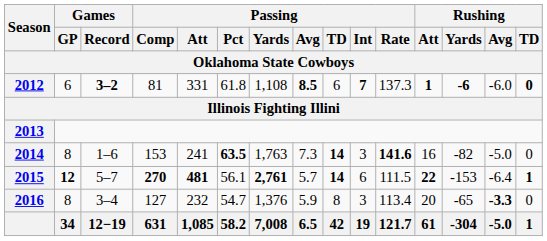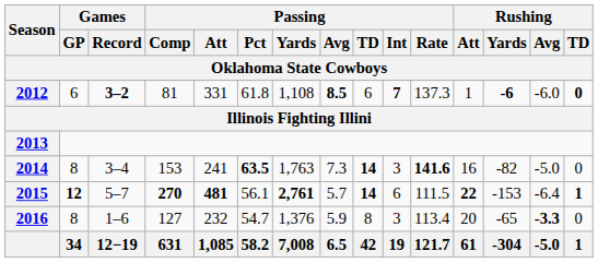 <table class="wikitable" style="text-align:center;">
 <tr>
 <th rowspan="2">Season</th>
 <th colspan="2">Games</th>
 <th colspan="8">Passing</th>
 <th colspan="4">Rushing</th>
 </tr>
 <tr>
 <th>GP</th>
 <th>Record</th>
 <th>Comp</th>
 <th>Att</th>
 <th>Pct</th>
 <th>Yards</th>
 <th>Avg</th>
 <th>TD</th>
 <th>Int</th>
 <th>Rate</th>
 <th>Att</th>
 <th>Yards</th>
 <th>Avg</th>
 <th>TD</th>
 </tr>
 <tr>
 <th colspan="16">Oklahoma State Cowboys</th>
 </tr>
 <tr>
 <th><a href='#'>2012</a></th>
 <td>6</td>
 <td><strong>3–2</strong></td>
 <td>81</td>
 <td>331</td>
 <td>61.8</td>
 <td>1,108</td>
 <td><strong>8.5</strong></td>
 <td>6</td>
 <td><strong>7</strong></td>
 <td>137.3</td>
-<td><strong>1</strong></td>
+<td>1</td>
 <td><strong>-6</strong></td>
 <td>-6.0</td>
 <td><strong>0</strong></td>
 </tr>
 <tr>
 <th colspan="16">Illinois Fighting Illini</th>
 </tr>
 <tr>
 <th><a href='#'>2013</a></th>
 <td colspan="14"></td>
 </tr>
 <tr>
 <th><a href='#'>2014</a></th>
 <td>8</td>
-<td>1–6</td>
+<td>3–4</td>
 <td>153</td>
 <td>241</td>
 <td><strong>63.5</strong></td>
 <td>1,763</td>
 <td>7.3</td>
 <td><strong>14</strong></td>
 <td>3</td>
 <td><strong>141.6</strong></td>
 <td>16</td>
 <td>-82</td>
 <td>-5.0</td>
 <td>0</td>
 </tr>
 <tr>
 <th><a href='#'>2015</a></th>
 <td><strong>12</strong></td>
 <td>5–7</td>
 <td><strong>270</strong></td>
 <td><strong>481</strong></td>
 <td>56.1</td>
 <td><strong>2,761</strong></td>
 <td>5.7</td>
 <td><strong>14</strong></td>
 <td>6</td>
 <td>111.5</td>
 <td><strong>22</strong></td>
 <td>-153</td>
 <td>-6.4</td>
 <td><strong>1</strong></td>
 </tr>
 <tr>
 <th><a href='#'>2016</a></th>
 <td>8</td>
-<td>3–4</td>
+<td>1–6</td>
 <td>127</td>
 <td>232</td>
 <td>54.7</td>
 <td>1,376</td>
 <td>5.9</td>
 <td>8</td>
 <td>3</td>
 <td>113.4</td>
 <td>20</td>
 <td>-65</td>
 <td><strong>-3.3</strong></td>
 <td>0</td>
 </tr>
 <tr>
 <th></th>
 <th>34</th>
 <th>12−19</th>
 <th>631</th>
 <th>1,085</th>
 <th>58.2</th>
 <th>7,008</th>
 <th>6.5</th>
 <th>42</th>
 <th>19</th>
 <th>121.7</th>
 <th>61</th>
 <th>-304</th>
 <th>-5.0</th>
 <th>1</th>
 </tr>
 </table>
